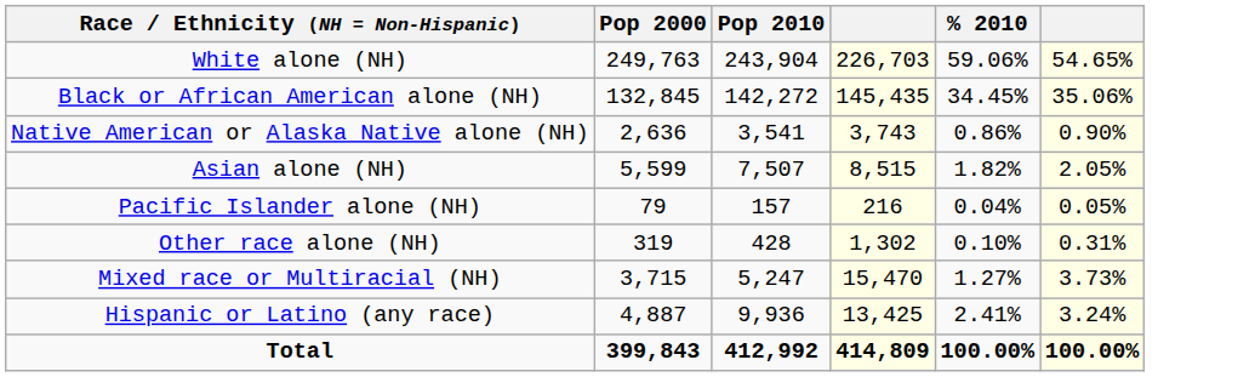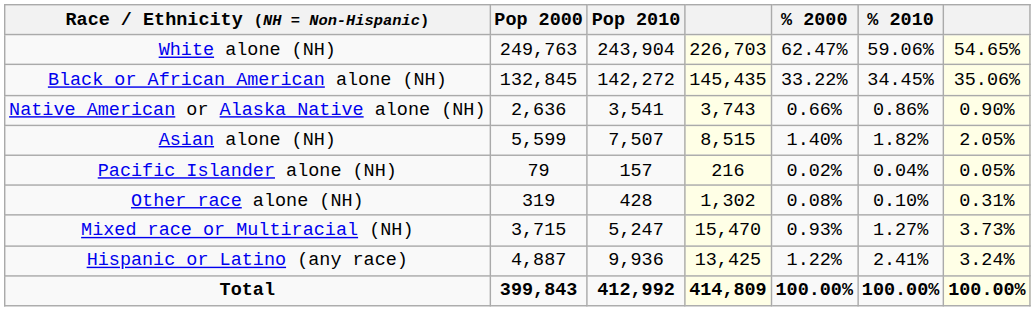 <table class="wikitable"style="text-align:center;">
 <tr>
 <th>Race / Ethnicity <small>(<em>NH = Non-Hispanic</em>)</small></th>
 <th>Pop 2000</th>
 <th>Pop 2010</th>
 <th></th>
+<th>% 2000</th>
 <th>% 2010</th>
 <th></th>
 </tr>
 <tr>
 <td><a href='#'>White</a> alone (NH)</td>
 <td>249,763</td>
 <td>243,904</td>
 <td style='background: #ffffe6;'>226,703</td>
+<td>62.47%</td>
 <td>59.06%</td>
 <td style='background: #ffffe6;'>54.65%</td>
 </tr>
 <tr>
 <td><a href='#'>Black or African American</a> alone (NH)</td>
 <td>132,845</td>
 <td>142,272</td>
 <td style='background: #ffffe6;'>145,435</td>
+<td>33.22%</td>
 <td>34.45%</td>
 <td style='background: #ffffe6;'>35.06%</td>
 </tr>
 <tr>
 <td><a href='#'>Native American</a> or <a href='#'>Alaska Native</a> alone (NH)</td>
 <td>2,636</td>
 <td>3,541</td>
 <td style='background: #ffffe6;'>3,743</td>
+<td>0.66%</td>
 <td>0.86%</td>
 <td style='background: #ffffe6;'>0.90%</td>
 </tr>
 <tr>
 <td><a href='#'>Asian</a> alone (NH)</td>
 <td>5,599</td>
 <td>7,507</td>
 <td style='background: #ffffe6;'>8,515</td>
+<td>1.40%</td>
 <td>1.82%</td>
 <td style='background: #ffffe6;'>2.05%</td>
 </tr>
 <tr>
 <td><a href='#'>Pacific Islander</a> alone (NH)</td>
 <td>79</td>
 <td>157</td>
 <td style='background: #ffffe6;'>216</td>
+<td>0.02%</td>
 <td>0.04%</td>
 <td style='background: #ffffe6;'>0.05%</td>
 </tr>
 <tr>
 <td><a href='#'>Other race</a> alone (NH)</td>
 <td>319</td>
 <td>428</td>
 <td style='background: #ffffe6;'>1,302</td>
+<td>0.08%</td>
 <td>0.10%</td>
 <td style='background: #ffffe6;'>0.31%</td>
 </tr>
 <tr>
 <td><a href='#'>Mixed race or Multiracial</a> (NH)</td>
 <td>3,715</td>
 <td>5,247</td>
 <td style='background: #ffffe6;'>15,470</td>
+<td>0.93%</td>
 <td>1.27%</td>
 <td style='background: #ffffe6;'>3.73%</td>
 </tr>
 <tr>
 <td><a href='#'>Hispanic or Latino</a> (any race)</td>
 <td>4,887</td>
 <td>9,936</td>
 <td style='background: #ffffe6;'>13,425</td>
+<td>1.22%</td>
 <td>2.41%</td>
 <td style='background: #ffffe6;'>3.24%</td>
 </tr>
 <tr>
 <td><strong>Total</strong></td>
 <td><strong>399,843</strong></td>
 <td><strong>412,992</strong></td>
 <td style='background: #ffffe6;'><strong>414,809</strong></td>
 <td><strong>100.00%</strong></td>
+<td><strong>100.00%</strong></td>
 <td style='background: #ffffe6;'><strong>100.00%</strong></td>
 </tr>
 </table>
